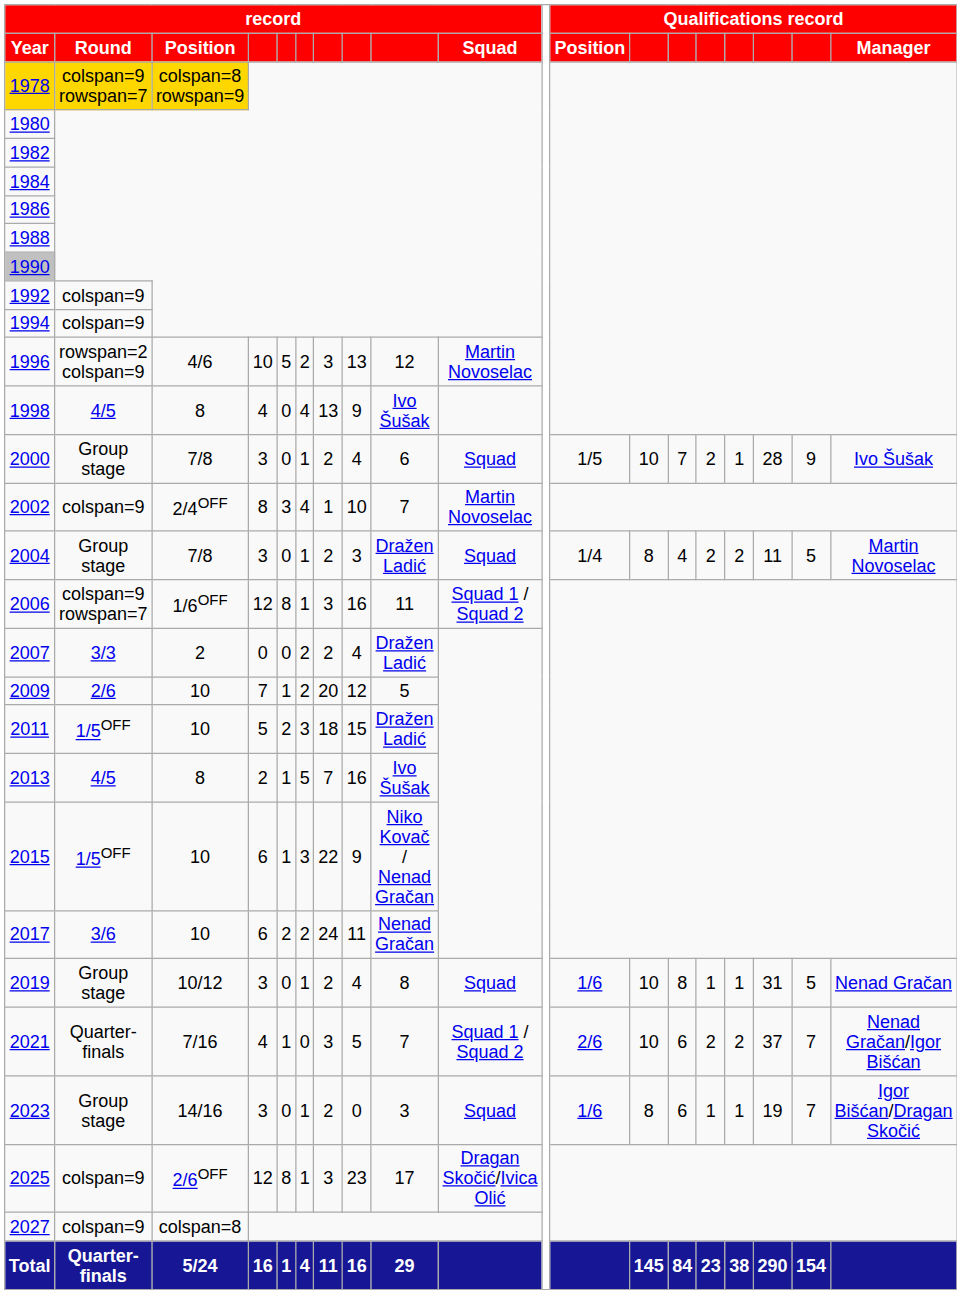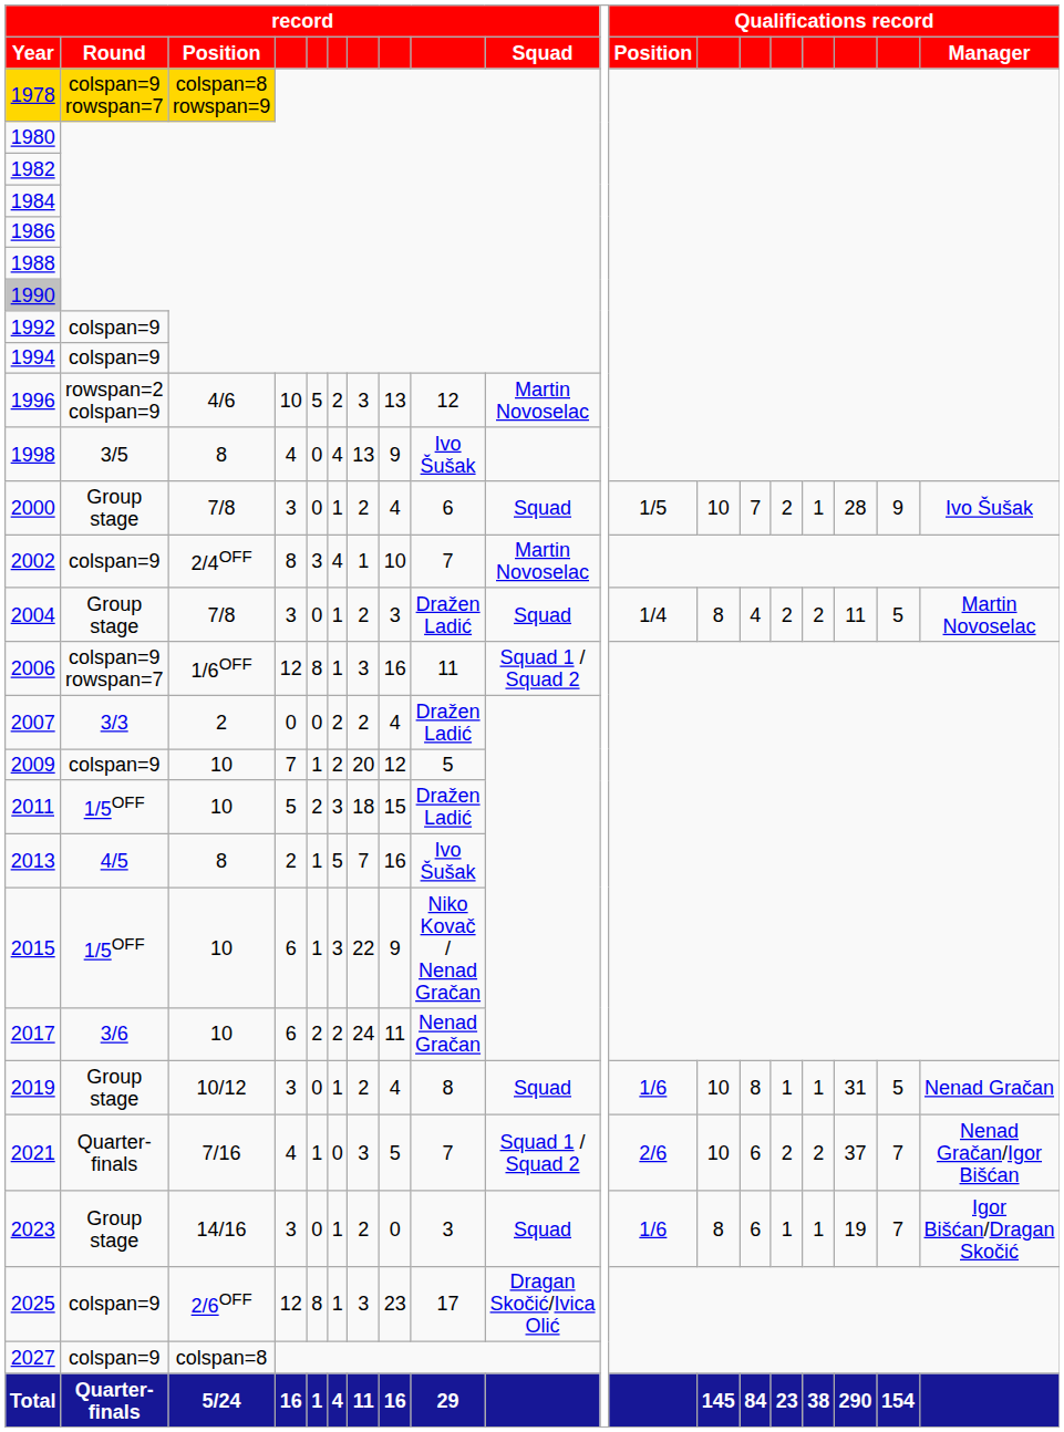 <table class="wikitable" style="font-size:90%; text-align:center;" width="100%" class="wikitable">
 <tr>
 <th colspan=10 style="background:#ff0000; color:white; "><a href='#'></a> record</th>
 <th width=1% rowspan="34" style="background:#FFFFFF; color:white"></th>
 <th colspan=9 style="background:#ff0000; color:white; ">Qualifications record</th>
 </tr>
 <tr>
 <th style="background:#ff0000; color:white; ">Year</th>
 <th style="background:#ff0000; color:white; ">Round</th>
 <th style="background:#ff0000; color:white; ">Position</th>
 <th style="background:#ff0000; color:white; "></th>
 <th style="background:#ff0000; color:white; "></th>
 <th style="background:#ff0000; color:white; "></th>
 <th style="background:#ff0000; color:white; "></th>
 <th style="background:#ff0000; color:white; "></th>
 <th style="background:#ff0000; color:white; "></th>
 <th style="background:#ff0000; color:white; ">Squad</th>
 <th style="background:#ff0000; color:white; ">Position</th>
 <th style="background:#ff0000; color:white; "></th>
 <th style="background:#ff0000; color:white; "></th>
 <th style="background:#ff0000; color:white; "></th>
 <th style="background:#ff0000; color:white; "></th>
 <th style="background:#ff0000; color:white; "></th>
 <th style="background:#ff0000; color:white; "></th>
 <th style="background:#ff0000; color:white; ">Manager</th>
 </tr>
 <tr bgcolor=gold>
 <td><a href='#'>1978</a></td>
 <td>colspan=9 rowspan=7 </td>
 <td>colspan=8 rowspan=9 </td>
 </tr>
 <tr>
 <td><a href='#'>1980</a></td>
 </tr>
 <tr>
 <td><a href='#'>1982</a></td>
 </tr>
 <tr>
 <td><a href='#'>1984</a></td>
 </tr>
 <tr>
 <td><a href='#'>1986</a></td>
 </tr>
 <tr>
 <td><a href='#'>1988</a></td>
 </tr>
 <tr bgcolor=silver>
 <td><a href='#'>1990</a></td>
 </tr>
 <tr>
 <td><a href='#'>1992</a></td>
 <td>colspan=9 </td>
 </tr>
 <tr>
 <td> <a href='#'>1994</a></td>
 <td>colspan=9 </td>
 </tr>
 <tr>
 <td> <a href='#'>1996</a></td>
 <td>rowspan=2 colspan=9 </td>
 <td>4/6</td>
 <td>10</td>
 <td>5</td>
 <td>2</td>
 <td>3</td>
 <td>13</td>
 <td>12</td>
 <td><a href='#'>Martin Novoselac</a></td>
 </tr>
 <tr>
 <td> <a href='#'>1998</a></td>
-<td><a href='#'>4/5</a></td>
+<td>3/5</td>
 <td>8</td>
 <td>4</td>
 <td>0</td>
 <td>4</td>
 <td>13</td>
 <td>9</td>
 <td><a href='#'>Ivo Šušak</a></td>
 </tr>
 <tr>
 <td> <a href='#'>2000</a></td>
 <td>Group stage</td>
 <td>7/8</td>
 <td>3</td>
 <td>0</td>
 <td>1</td>
 <td>2</td>
 <td>4</td>
 <td>6</td>
 <td><a href='#'>Squad</a></td>
 <td>1/5</td>
 <td>10</td>
 <td>7</td>
 <td>2</td>
 <td>1</td>
 <td>28</td>
 <td>9</td>
 <td><a href='#'>Ivo Šušak</a></td>
 </tr>
 <tr>
 <td> <a href='#'>2002</a></td>
 <td>colspan=9 </td>
 <td>2/4<sup>OFF</sup></td>
 <td>8</td>
 <td>3</td>
 <td>4</td>
 <td>1</td>
 <td>10</td>
 <td>7</td>
 <td><a href='#'>Martin Novoselac</a></td>
 </tr>
 <tr>
 <td> <a href='#'>2004</a></td>
 <td>Group stage</td>
 <td>7/8</td>
 <td>3</td>
 <td>0</td>
 <td>1</td>
 <td>2</td>
 <td>3</td>
 <td><a href='#'>Dražen Ladić</a></td>
 <td><a href='#'>Squad</a></td>
 <td>1/4</td>
 <td>8</td>
 <td>4</td>
 <td>2</td>
 <td>2</td>
 <td>11</td>
 <td>5</td>
 <td><a href='#'>Martin Novoselac</a></td>
 </tr>
 <tr>
 <td> <a href='#'>2006</a></td>
 <td>colspan=9 rowspan=7 </td>
 <td>1/6<sup>OFF</sup></td>
 <td>12</td>
 <td>8</td>
 <td>1</td>
 <td>3</td>
 <td>16</td>
 <td>11</td>
 <td><a href='#'>Squad 1</a> / <a href='#'>Squad 2</a></td>
 </tr>
 <tr>
 <td> <a href='#'>2007</a></td>
 <td><a href='#'>3/3</a></td>
 <td>2</td>
 <td>0</td>
 <td>0</td>
 <td>2</td>
 <td>2</td>
 <td>4</td>
 <td><a href='#'>Dražen Ladić</a></td>
 </tr>
 <tr>
 <td> <a href='#'>2009</a></td>
-<td><a href='#'>2/6</a></td>
+<td>colspan=9 </td>
 <td>10</td>
 <td>7</td>
 <td>1</td>
 <td>2</td>
 <td>20</td>
 <td>12</td>
 <td>5</td>
 </tr>
 <tr>
 <td> <a href='#'>2011</a></td>
 <td><a href='#'>1/5</a><sup>OFF</sup></td>
 <td>10</td>
 <td>5</td>
 <td>2</td>
 <td>3</td>
 <td>18</td>
 <td>15</td>
 <td><a href='#'>Dražen Ladić</a></td>
 </tr>
 <tr>
 <td> <a href='#'>2013</a></td>
 <td><a href='#'>4/5</a></td>
 <td>8</td>
 <td>2</td>
 <td>1</td>
 <td>5</td>
 <td>7</td>
 <td>16</td>
 <td><a href='#'>Ivo Šušak</a></td>
 </tr>
 <tr>
 <td> <a href='#'>2015</a></td>
 <td><a href='#'>1/5</a><sup>OFF</sup></td>
 <td>10</td>
 <td>6</td>
 <td>1</td>
 <td>3</td>
 <td>22</td>
 <td>9</td>
 <td><a href='#'>Niko Kovač</a> / <a href='#'>Nenad Gračan</a></td>
 </tr>
 <tr>
 <td> <a href='#'>2017</a></td>
 <td><a href='#'>3/6</a></td>
 <td>10</td>
 <td>6</td>
 <td>2</td>
 <td>2</td>
 <td>24</td>
 <td>11</td>
 <td><a href='#'>Nenad Gračan</a></td>
 </tr>
 <tr>
 <td> <a href='#'>2019</a></td>
 <td>Group stage</td>
 <td>10/12</td>
 <td>3</td>
 <td>0</td>
 <td>1</td>
 <td>2</td>
 <td>4</td>
 <td>8</td>
 <td><a href='#'>Squad</a></td>
 <td><a href='#'>1/6</a></td>
 <td>10</td>
 <td>8</td>
 <td>1</td>
 <td>1</td>
 <td>31</td>
 <td>5</td>
 <td><a href='#'>Nenad Gračan</a></td>
 </tr>
 <tr>
 <td>  <a href='#'>2021</a></td>
 <td>Quarter-finals</td>
 <td>7/16</td>
 <td>4</td>
 <td>1</td>
 <td>0</td>
 <td>3</td>
 <td>5</td>
 <td>7</td>
 <td><a href='#'>Squad 1</a> / <a href='#'>Squad 2</a></td>
 <td><a href='#'>2/6</a></td>
 <td>10</td>
 <td>6</td>
 <td>2</td>
 <td>2</td>
 <td>37</td>
 <td>7</td>
 <td><a href='#'>Nenad Gračan</a>/<a href='#'>Igor Bišćan</a></td>
 </tr>
 <tr>
 <td>  <a href='#'>2023</a></td>
 <td>Group stage</td>
 <td>14/16</td>
 <td>3</td>
 <td>0</td>
 <td>1</td>
 <td>2</td>
 <td>0</td>
 <td>3</td>
 <td><a href='#'>Squad</a></td>
 <td><a href='#'>1/6</a></td>
 <td>8</td>
 <td>6</td>
 <td>1</td>
 <td>1</td>
 <td>19</td>
 <td>7</td>
 <td><a href='#'>Igor Bišćan</a>/<a href='#'>Dragan Skočić</a></td>
 </tr>
 <tr>
 <td> <a href='#'>2025</a></td>
 <td>colspan=9 </td>
 <td><a href='#'>2/6</a><sup>OFF</sup></td>
 <td>12</td>
 <td>8</td>
 <td>1</td>
 <td>3</td>
 <td>23</td>
 <td>17</td>
 <td><a href='#'>Dragan Skočić</a>/<a href='#'>Ivica Olić</a></td>
 </tr>
 <tr>
 <td>  <a href='#'>2027</a></td>
 <td>colspan=9 </td>
 <td>colspan=8 </td>
 </tr>
 <tr>
 <th style="background:#171796; color:white; ">Total</th>
 <th style="background:#171796; color:white; ">Quarter-finals</th>
 <th style="background:#171796; color:white; ">5/24</th>
 <th style="background:#171796; color:white; ">16</th>
 <th style="background:#171796; color:white; ">1</th>
 <th style="background:#171796; color:white; ">4</th>
 <th style="background:#171796; color:white; ">11</th>
 <th style="background:#171796; color:white; ">16</th>
 <th style="background:#171796; color:white; ">29</th>
 <th style="background:#171796; color:white; "></th>
 <th style="background:#171796; color:white; "></th>
 <th style="background:#171796; color:white; ">145</th>
 <th style="background:#171796; color:white; ">84</th>
 <th style="background:#171796; color:white; ">23</th>
 <th style="background:#171796; color:white; ">38</th>
 <th style="background:#171796; color:white; ">290</th>
 <th style="background:#171796; color:white; ">154</th>
 <th style="background:#171796; color:white; "></th>
 </tr>
 <tr>
 </tr>
 </table>
